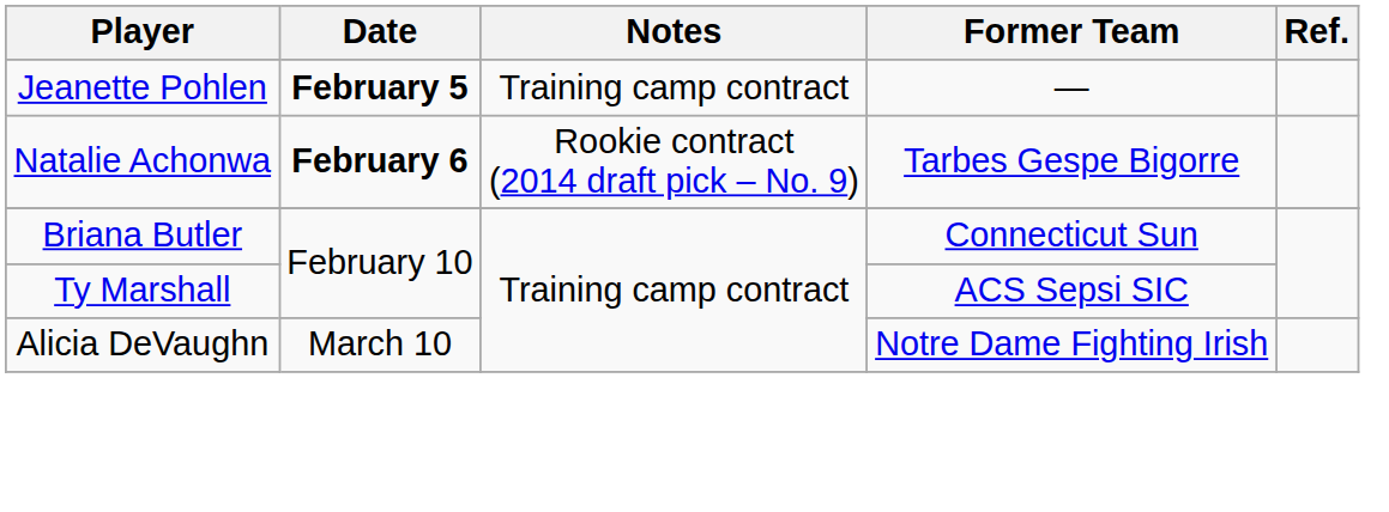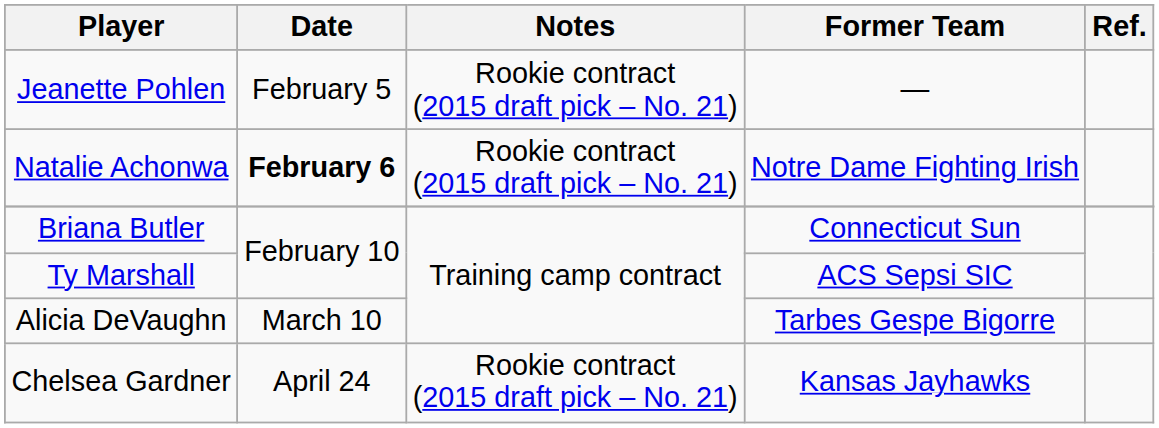 <table class="wikitable sortable" style="text-align: center">
 <tr>
 <th>Player</th>
 <th>Date</th>
 <th>Notes</th>
 <th>Former Team</th>
 <th>Ref.</th>
 </tr>
 <tr>
 <td><a href='#'>Jeanette Pohlen</a></td>
-<td><strong>February 5</strong></td>
-<td>Training camp contract</td>
+<td>February 5</td>
+<td>Rookie contract<br>(<a href='#'>2015 draft pick – No. 21</a>)</td>
 <td>—</td>
 <td></td>
 </tr>
 <tr>
 <td><a href='#'>Natalie Achonwa</a></td>
 <td><strong>February 6</strong></td>
-<td>Rookie contract<br>(<a href='#'>2014 draft pick – No. 9</a>)</td>
-<td><a href='#'>Tarbes Gespe Bigorre</a><br></td>
+<td>Rookie contract<br>(<a href='#'>2015 draft pick – No. 21</a>)</td>
+<td><a href='#'>Notre Dame Fighting Irish</a></td>
 <td></td>
 </tr>
 <tr>
 </tr>
 <tr>
 <td><a href='#'>Briana Butler</a></td>
 <td rowspan=2>February 10</td>
 <td rowspan=3>Training camp contract</td>
 <td><a href='#'>Connecticut Sun</a></td>
 <td rowspan=2></td>
 </tr>
 <tr>
 <td><a href='#'>Ty Marshall</a></td>
 <td><a href='#'>ACS Sepsi SIC</a><br></td>
 </tr>
 <tr>
 <td>Alicia DeVaughn</td>
 <td>March 10</td>
-<td><a href='#'>Notre Dame Fighting Irish</a></td>
+<td><a href='#'>Tarbes Gespe Bigorre</a><br></td>
+<td></td>
+</tr>
+<tr>
+<td>Chelsea Gardner</td>
+<td>April 24</td>
+<td>Rookie contract<br>(<a href='#'>2015 draft pick – No. 21</a>)</td>
+<td><a href='#'>Kansas Jayhawks</a></td>
 <td></td>
 </tr>
 </table>
